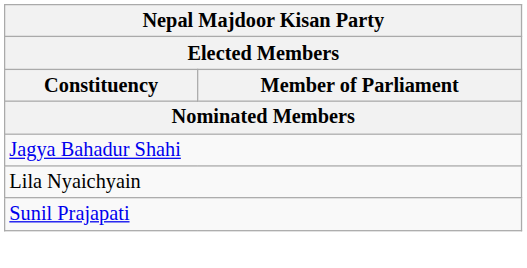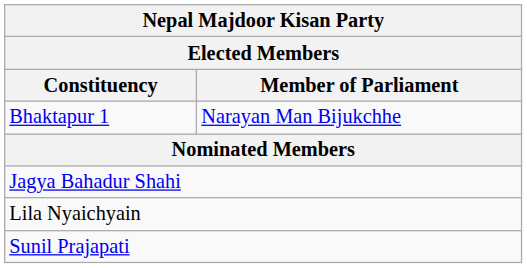 <table role="presentation" class="wikitable mw-collapsible mw-collapsed">
 <tr>
 <th colspan="2" style="width: 300pt; background:">Nepal Majdoor Kisan Party</th>
 </tr>
 <tr>
 <th colspan="2">Elected Members</th>
 </tr>
 <tr>
 <th>Constituency</th>
 <th>Member of Parliament</th>
+</tr>
+<tr>
+<td><a href='#'>Bhaktapur 1</a></td>
+<td><a href='#'>Narayan Man Bijukchhe</a></td>
 </tr>
 <tr>
 <th colspan="2">Nominated Members</th>
 </tr>
 <tr>
 <td colspan="2"><a href='#'>Jagya Bahadur Shahi</a></td>
 </tr>
 <tr>
 <td colspan="2">Lila Nyaichyain</td>
 </tr>
 <tr>
 <td colspan="2"><a href='#'>Sunil Prajapati</a></td>
 </tr>
 </table>
